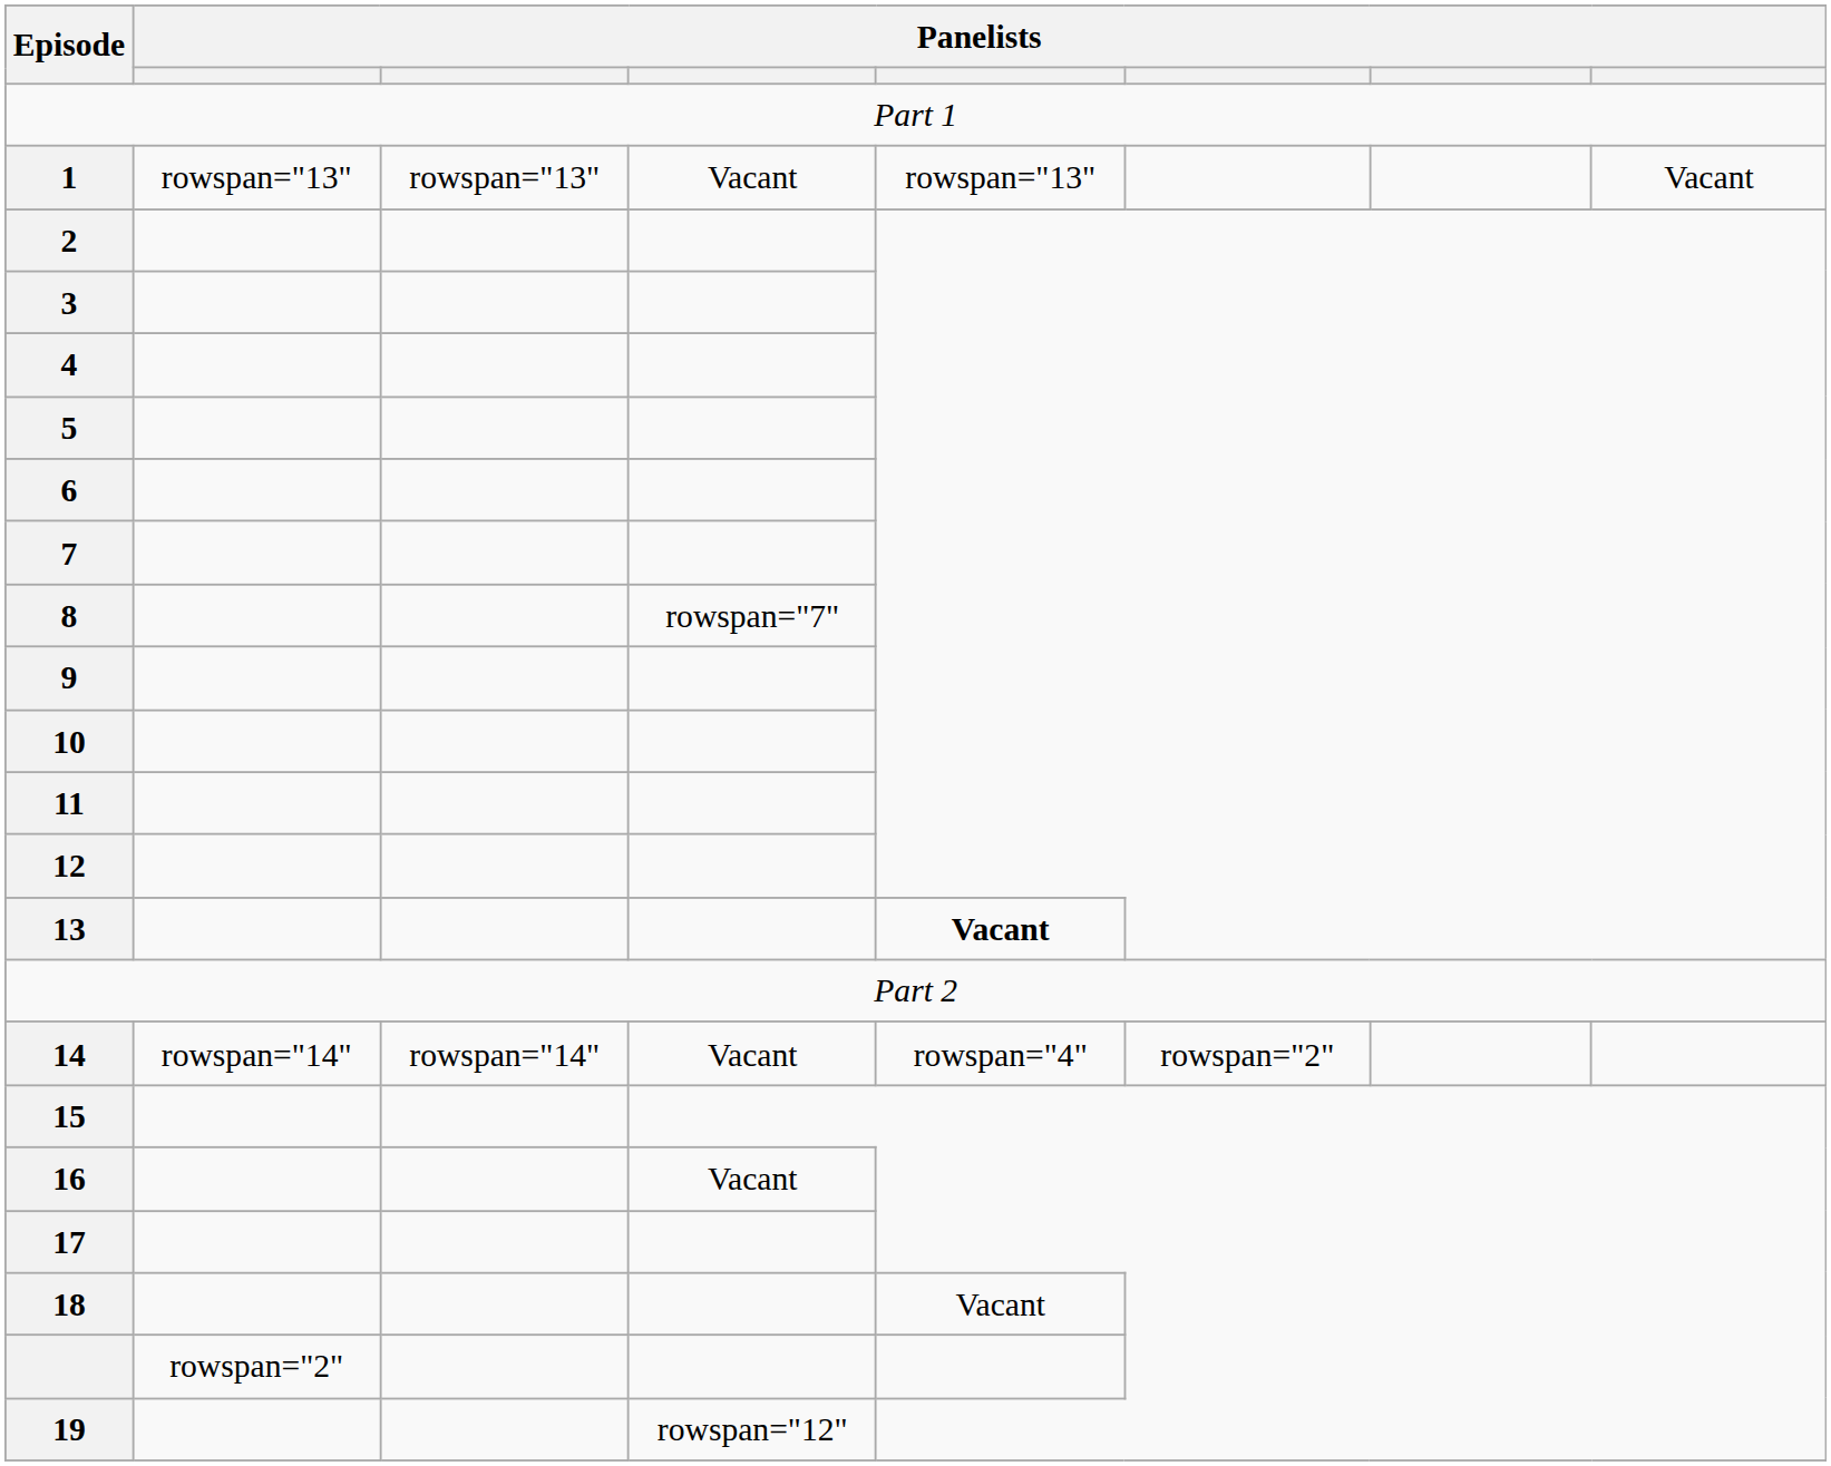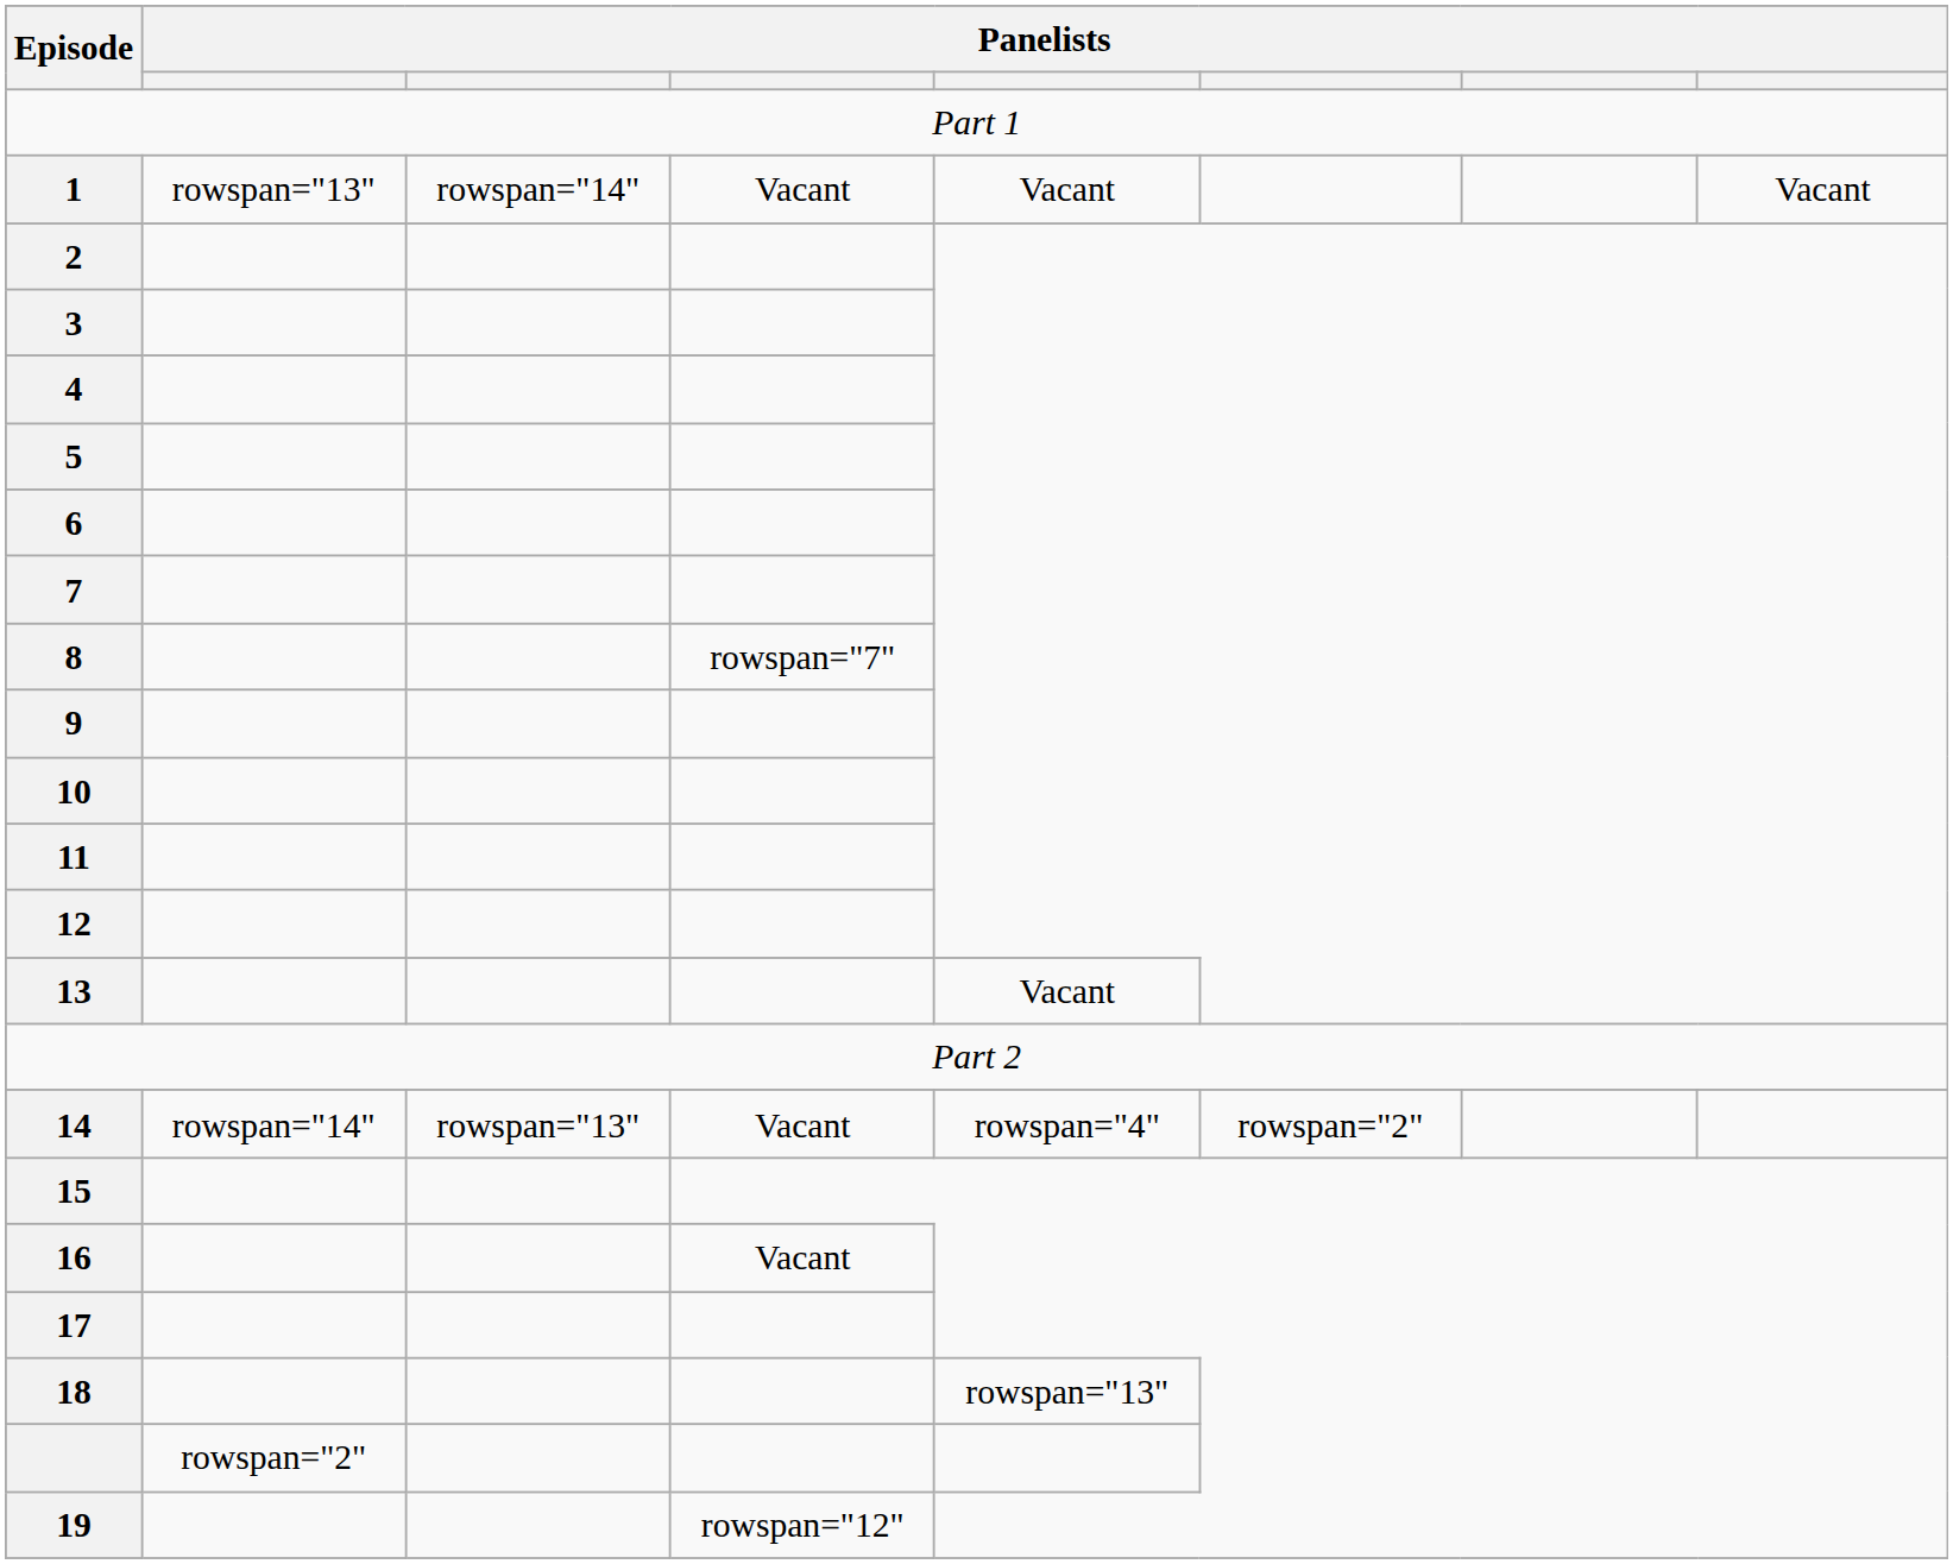 <table class="wikitable plainrowheaders mw-collapsible" style="text-align:center; line-height:23px; width:100%;">
 <tr>
 <th rowspan="2" width="1%">Episode</th>
 <th colspan="7">Panelists</th>
 </tr>
 <tr>
 <th width="14%"></th>
 <th width="14%"></th>
 <th width="14%"></th>
 <th width="14%"></th>
 <th width="14%"></th>
 <th width="14%"></th>
 <th width="14%"></th>
 </tr>
 <tr>
 <td colspan="8"><em>Part 1</em></td>
 </tr>
 <tr>
 <th>1</th>
 <td>rowspan="13" </td>
-<td>rowspan="13" </td>
+<td>rowspan="14" </td>
 <td> Vacant</td>
-<td>rowspan="13" </td>
+<td> Vacant</td>
 <td></td>
 <td></td>
 <td> Vacant</td>
 </tr>
 <tr>
 <th>2</th>
 <td></td>
 <td></td>
 <td></td>
 </tr>
 <tr>
 <th>3</th>
 <td></td>
 <td></td>
 <td></td>
 </tr>
 <tr>
 <th>4</th>
 <td></td>
 <td></td>
 <td></td>
 </tr>
 <tr>
 <th>5</th>
 <td></td>
 <td></td>
 <td></td>
 </tr>
 <tr>
 <th>6</th>
 <td></td>
 <td></td>
 <td></td>
 </tr>
 <tr>
 <th>7</th>
 <td></td>
 <td></td>
 <td></td>
 </tr>
 <tr>
 <th>8</th>
 <td></td>
 <td></td>
 <td>rowspan="7" </td>
 </tr>
 <tr>
 <th>9</th>
 <td></td>
 <td></td>
 <td></td>
 </tr>
 <tr>
 <th>10</th>
 <td></td>
 <td></td>
 <td></td>
 </tr>
 <tr>
 <th>11</th>
 <td></td>
 <td></td>
 <td></td>
 </tr>
 <tr>
 <th>12</th>
 <td></td>
 <td></td>
 <td></td>
 </tr>
 <tr>
 <th>13</th>
 <td></td>
 <td></td>
 <td></td>
-<td><strong> Vacant</strong></td>
+<td> Vacant</td>
 </tr>
 <tr>
 <td colspan="8"><em>Part 2</em></td>
 </tr>
 <tr>
 <th>14</th>
 <td>rowspan="14" </td>
-<td>rowspan="14" </td>
+<td>rowspan="13" </td>
 <td> Vacant</td>
 <td>rowspan="4" </td>
 <td>rowspan="2" </td>
 <td></td>
 <td></td>
 </tr>
 <tr>
 <th>15</th>
 <td></td>
 <td></td>
 </tr>
 <tr>
 <th>16</th>
 <td></td>
 <td></td>
 <td> Vacant</td>
 </tr>
 <tr>
 <th>17</th>
 <td></td>
 <td></td>
 <td></td>
 </tr>
 <tr>
 <th>18</th>
 <td></td>
 <td></td>
 <td></td>
-<td> Vacant</td>
+<td>rowspan="13" </td>
 </tr>
 <tr>
 <th></th>
 <td>rowspan="2" </td>
 <td></td>
 <td></td>
 <td></td>
 </tr>
 <tr>
 <th>19</th>
 <td></td>
 <td></td>
 <td>rowspan="12" </td>
 </tr>
 </table>
